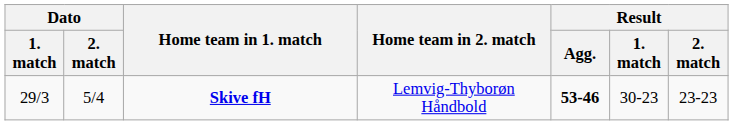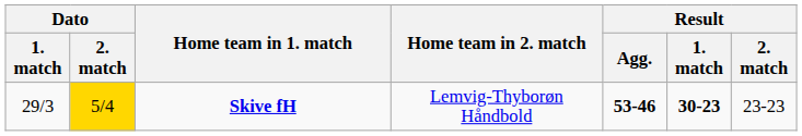 <table class="wikitable" style="text-align:center; margin-left:1em;">
 <tr>
 <th colspan="2">Dato</th>
 <th rowspan="2" style="width:220px;">Home team in 1. match</th>
 <th rowspan="2" style="width:180px;">Home team in 2. match</th>
 <th colspan="3">Result</th>
 </tr>
 <tr>
 <th style="width:50px;">1. match</th>
 <th style="width:50px;">2. match</th>
 <th style="width:50px;">Agg.</th>
 <th style="width:50px;">1. match</th>
 <th style="width:50px;">2. match</th>
 </tr>
 <tr>
 <td>29/3</td>
-<td>5/4</td>
+<td style="background: gold;">5/4</td>
 <td><strong><a href='#'>Skive fH</a></strong></td>
 <td><a href='#'>Lemvig-Thyborøn Håndbold</a></td>
 <td><strong>53-46</strong></td>
-<td>30-23</td>
+<td><strong>30-23</strong></td>
 <td>23-23</td>
 </tr>
 </table>
